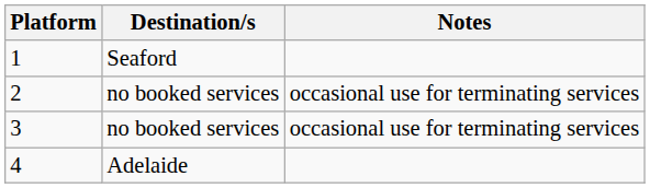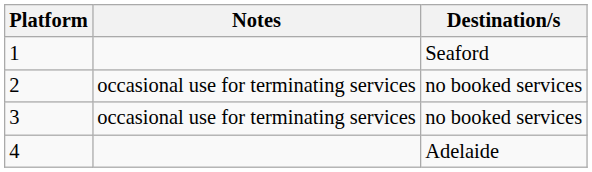 <table class="wikitable">
 <tr>
 <th>Platform</th>
+<th>Notes</th>
 <th>Destination/s</th>
-<th>Notes</th>
 </tr>
 <tr>
 <td style="background:#"><span>1</span></td>
+<td></td>
 <td>Seaford</td>
-<td></td>
 </tr>
 <tr>
 <td style="background:#"><span>2</span></td>
+<td>occasional use for terminating services</td>
 <td>no booked services</td>
-<td>occasional use for terminating services</td>
 </tr>
 <tr>
 <td style="background:#"><span>3</span></td>
+<td>occasional use for terminating services</td>
 <td>no booked services</td>
-<td>occasional use for terminating services</td>
 </tr>
 <tr>
 <td style="background:#"><span>4</span></td>
+<td></td>
 <td>Adelaide</td>
-<td></td>
 </tr>
 </table>
